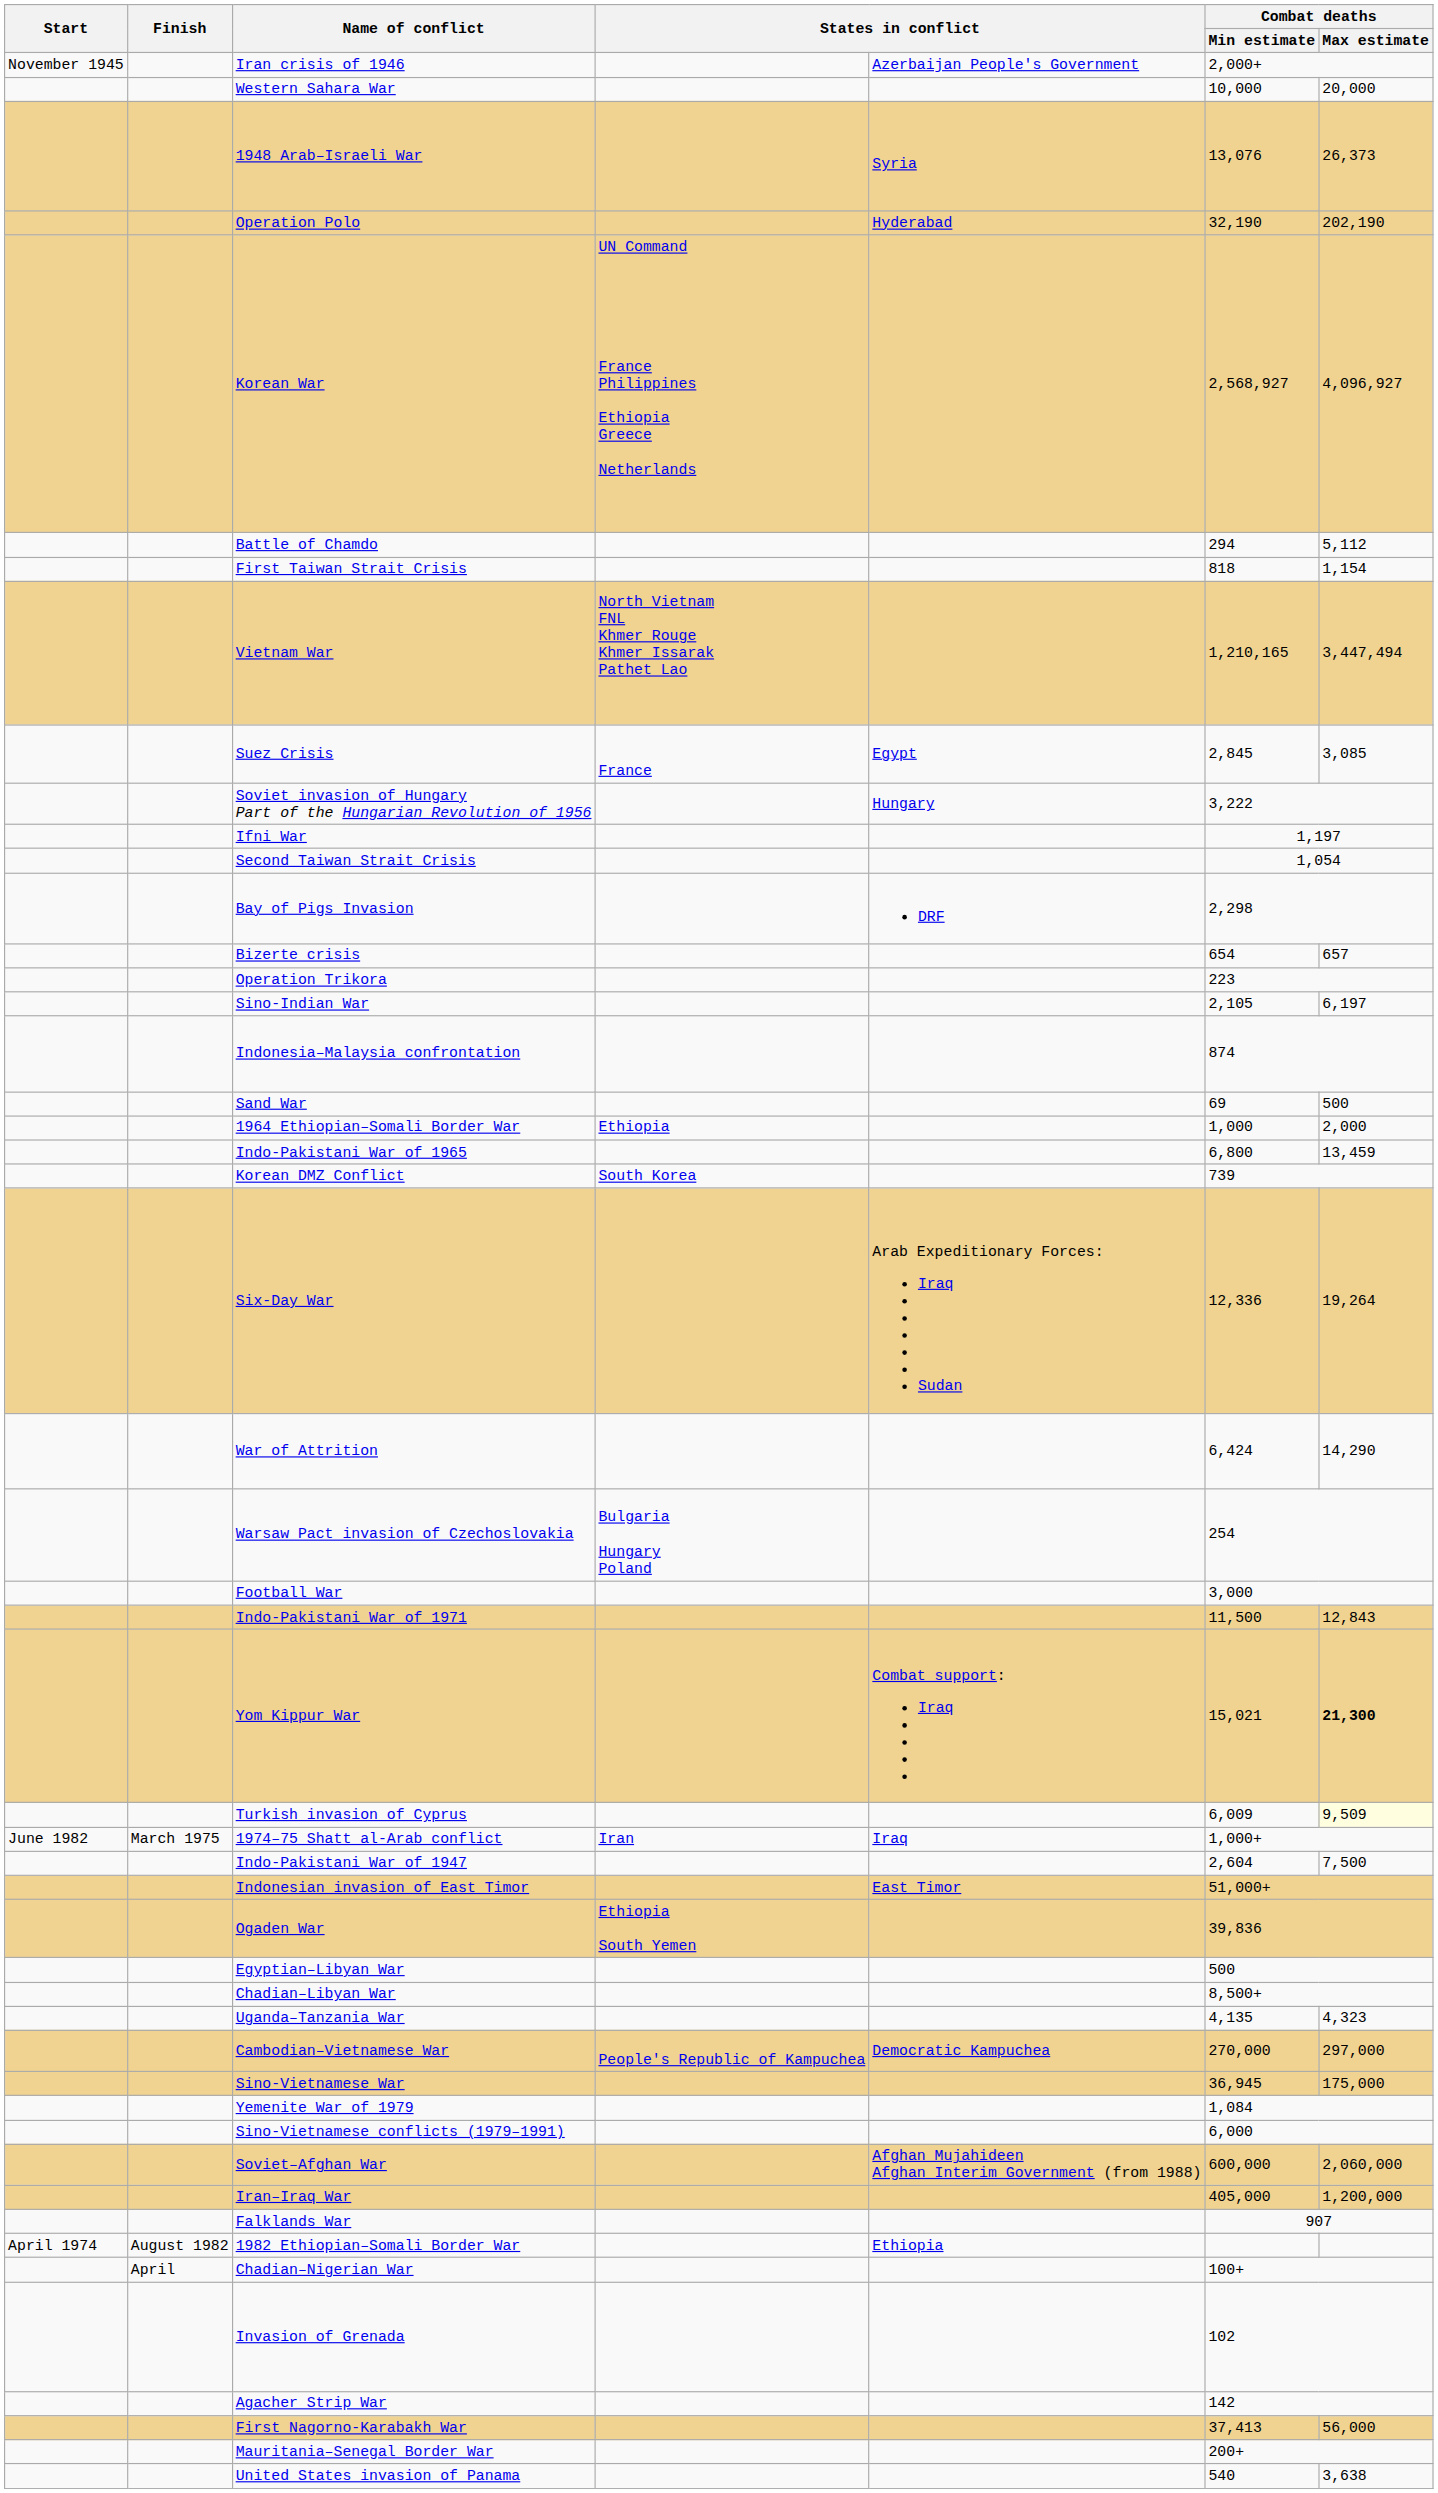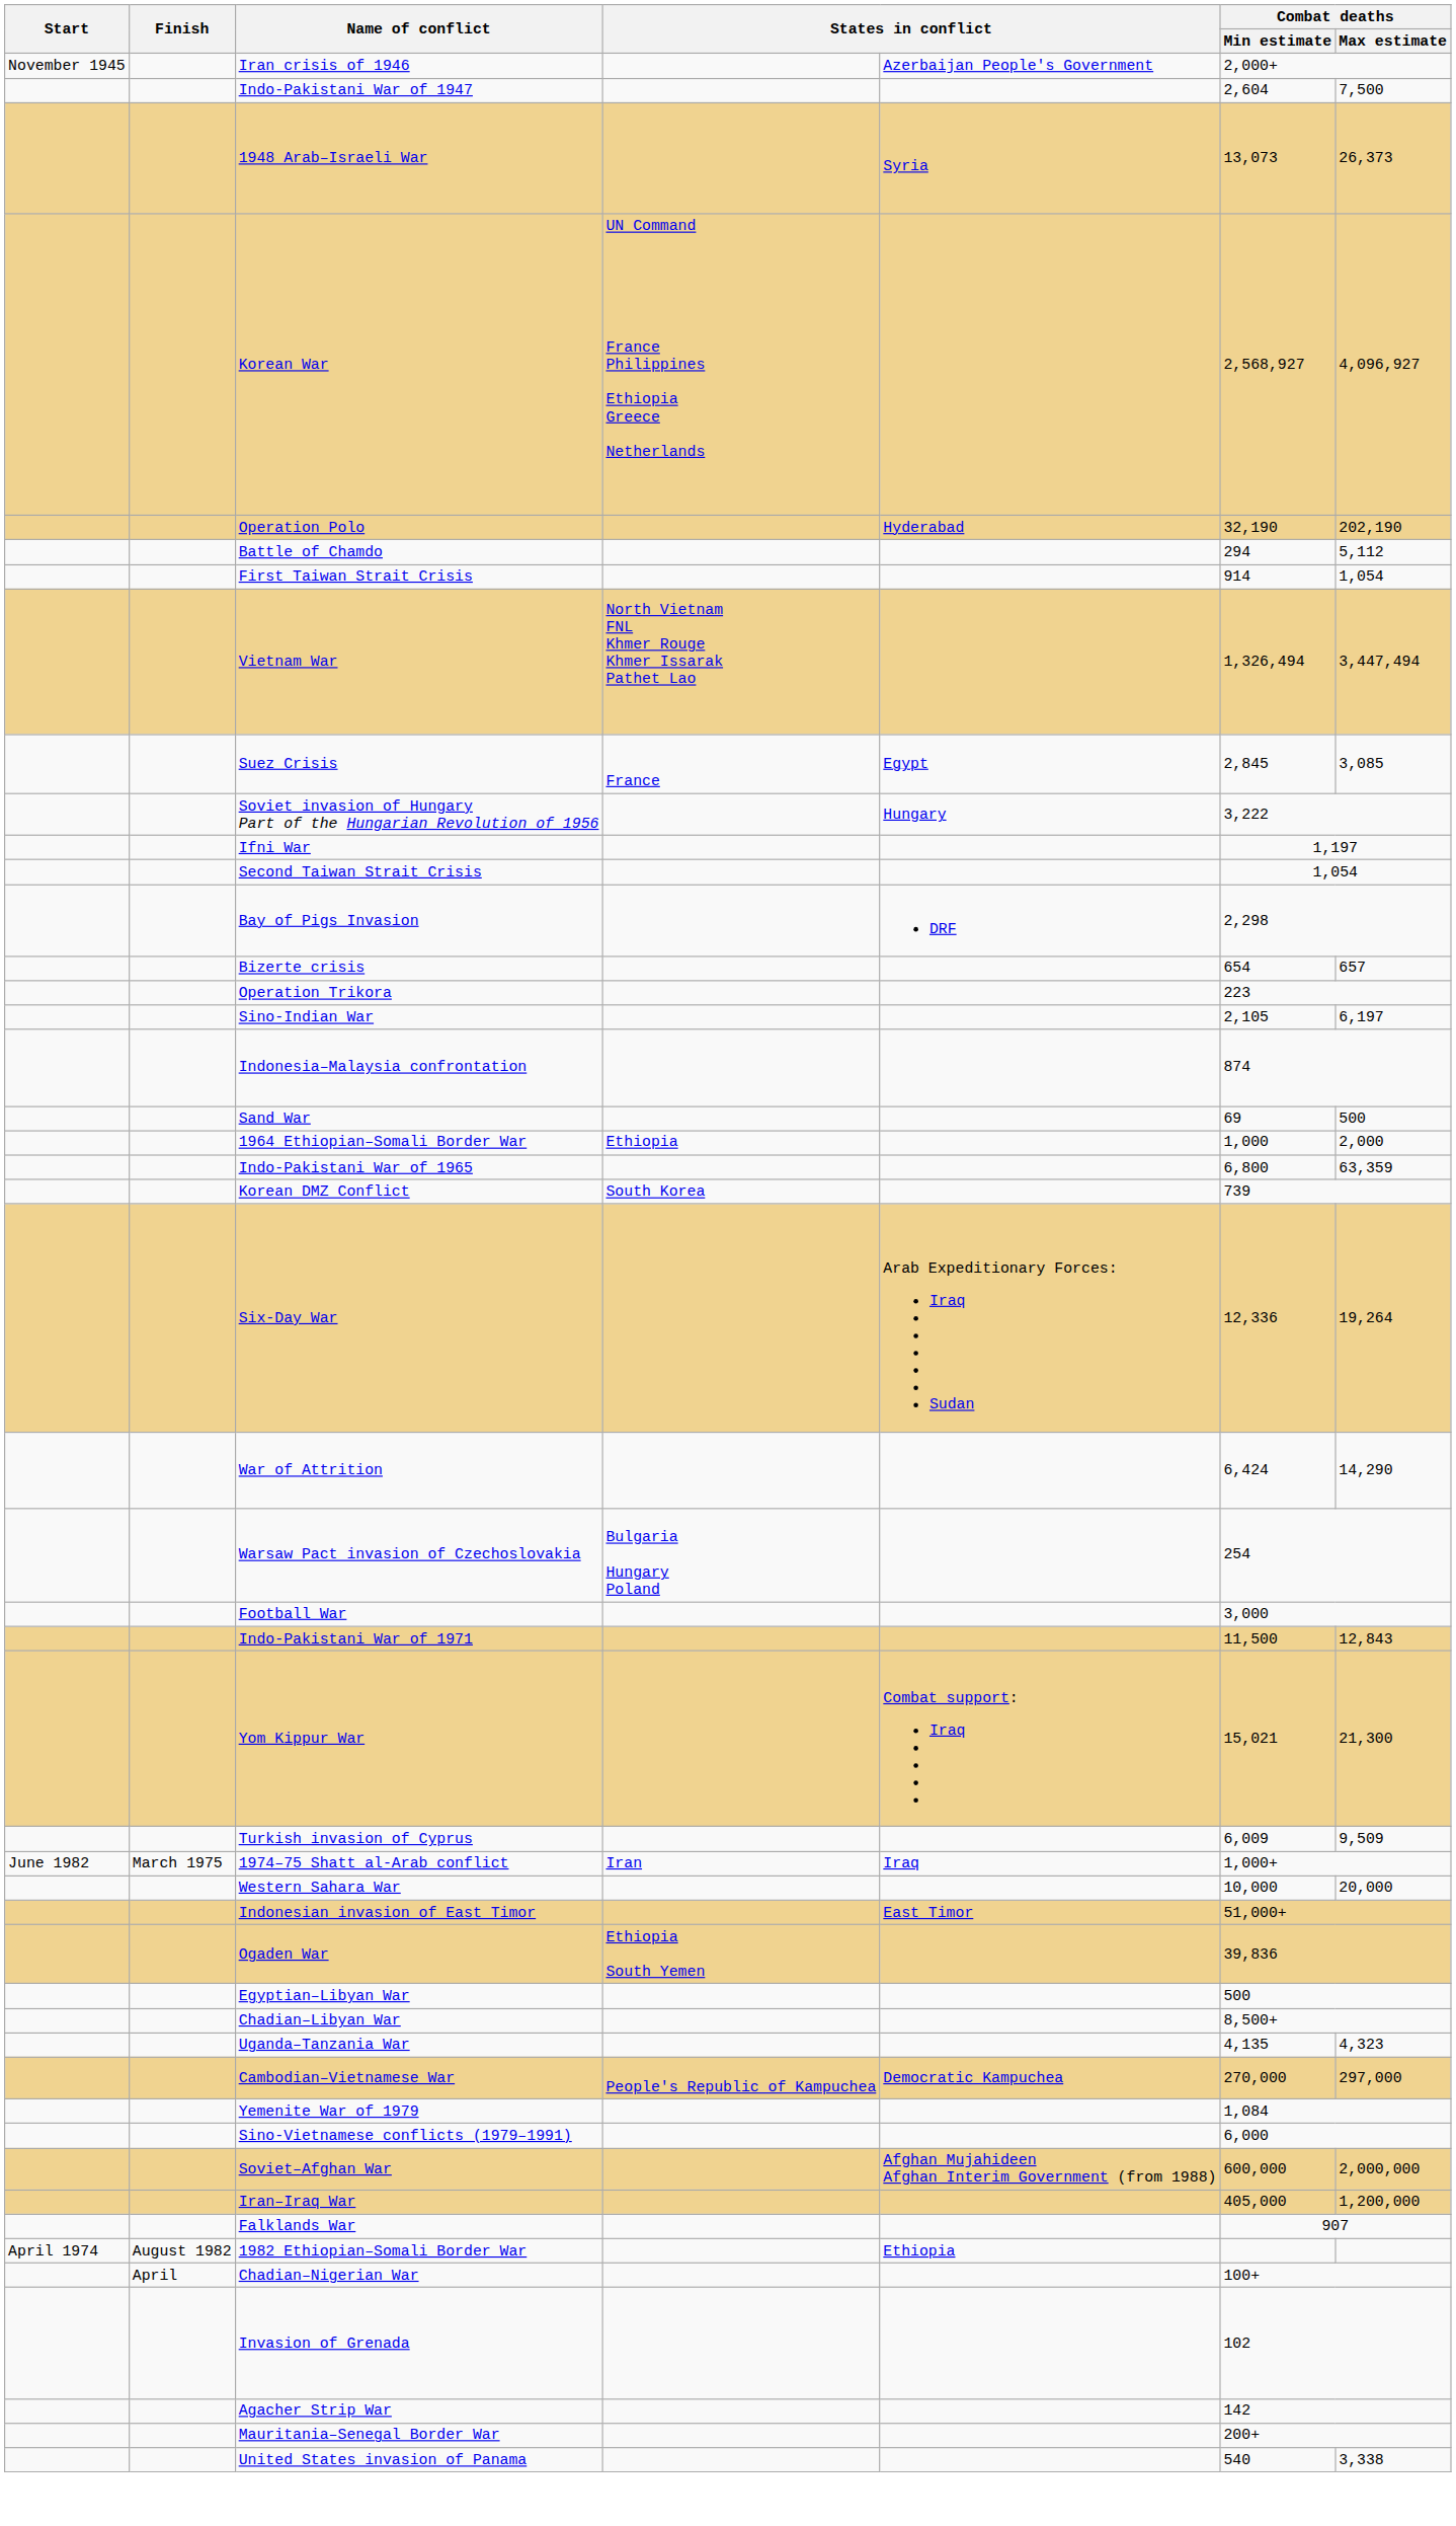 <table class="wikitable sortable">
 <tr>
 <th rowspan="2">Start</th>
 <th rowspan="2">Finish</th>
 <th rowspan="2">Name of conflict</th>
 <th colspan="2" rowspan="2">States in conflict</th>
 <th colspan="2">Combat deaths</th>
 </tr>
 <tr>
 <th>Min estimate</th>
 <th>Max estimate</th>
 </tr>
 <tr>
 <td>November 1945</td>
 <td></td>
 <td><a href='#'>Iran crisis of 1946</a></td>
 <td></td>
 <td><a href='#'>Azerbaijan People's Government</a><br></td>
 <td colspan="2">2,000+</td>
 </tr>
 <tr>
 <td></td>
 <td></td>
-<td><a href='#'>Western Sahara War</a></td>
-<td><br> </td>
-<td><br></td>
-<td>10,000</td>
-<td>20,000</td>
+<td><a href='#'>Indo-Pakistani War of 1947</a></td>
+<td></td>
+<td></td>
+<td>2,604</td>
+<td>7,500</td>
 </tr>
 <tr bgcolor='#f0d390'>
 <td></td>
 <td></td>
 <td><a href='#'>1948 Arab–Israeli War</a></td>
 <td></td>
 <td><br><br><br> <a href='#'>Syria</a> <br><br><br></td>
-<td>13,076</td>
+<td>13,073</td>
 <td>26,373</td>
+</tr>
+<tr bgcolor='#f0d390'>
+<td></td>
+<td></td>
+<td><a href='#'>Korean War</a></td>
+<td> <a href='#'>UN Command</a><br><br> <br> <br> <br> <br> <br>  <a href='#'>France</a><br>  <a href='#'>Philippines</a><br> <br>  <a href='#'>Ethiopia</a><br>  <a href='#'>Greece</a><br> <br>  <a href='#'>Netherlands</a><br> <br> <br> <br> </td>
+<td></td>
+<td>2,568,927</td>
+<td>4,096,927</td>
 </tr>
 <tr bgcolor='#f0d390'>
 <td></td>
 <td></td>
 <td><a href='#'>Operation Polo</a></td>
 <td></td>
 <td> <a href='#'>Hyderabad</a></td>
 <td>32,190</td>
 <td>202,190</td>
-</tr>
-<tr bgcolor='#f0d390'>
-<td></td>
-<td></td>
-<td><a href='#'>Korean War</a></td>
-<td> <a href='#'>UN Command</a><br><br> <br> <br> <br> <br> <br>  <a href='#'>France</a><br>  <a href='#'>Philippines</a><br> <br>  <a href='#'>Ethiopia</a><br>  <a href='#'>Greece</a><br> <br>  <a href='#'>Netherlands</a><br> <br> <br> <br> </td>
-<td></td>
-<td>2,568,927</td>
-<td>4,096,927</td>
 </tr>
 <tr>
 <td></td>
 <td></td>
 <td><a href='#'>Battle of Chamdo</a></td>
 <td></td>
 <td></td>
 <td>294</td>
 <td>5,112</td>
 </tr>
 <tr>
 <td></td>
 <td></td>
 <td><a href='#'>First Taiwan Strait Crisis</a></td>
 <td></td>
 <td></td>
-<td>818</td>
-<td>1,154</td>
+<td>914</td>
+<td>1,054</td>
 </tr>
 <tr bgcolor='#f0d390'>
 <td></td>
 <td></td>
 <td><a href='#'>Vietnam War</a></td>
 <td> <a href='#'>North Vietnam</a><br> <a href='#'>FNL</a><br> <a href='#'>Khmer Rouge</a><br> <a href='#'>Khmer Issarak</a><br> <a href='#'>Pathet Lao</a><br><br><br></td>
 <td><br><br><br><br><br><br><br><br></td>
-<td>1,210,165</td>
+<td>1,326,494</td>
 <td>3,447,494</td>
 </tr>
 <tr>
 <td></td>
 <td></td>
 <td><a href='#'>Suez Crisis</a></td>
 <td><br><br> <a href='#'>France</a></td>
 <td> <a href='#'>Egypt</a></td>
 <td>2,845</td>
 <td>3,085</td>
 </tr>
 <tr>
 <td></td>
 <td></td>
 <td><a href='#'>Soviet invasion of Hungary</a><br><em>Part of the <a href='#'>Hungarian Revolution of 1956</a></em></td>
 <td></td>
 <td> <a href='#'>Hungary</a></td>
 <td colspan="2" align="left">3,222</td>
 </tr>
 <tr>
 <td></td>
 <td></td>
 <td><a href='#'>Ifni War</a></td>
 <td><br></td>
 <td></td>
 <td colspan="2" align="center">1,197</td>
 </tr>
 <tr>
 <td></td>
 <td></td>
 <td><a href='#'>Second Taiwan Strait Crisis</a></td>
 <td></td>
 <td></td>
 <td colspan="2" align="center">1,054</td>
 </tr>
 <tr>
 <td></td>
 <td></td>
 <td><a href='#'>Bay of Pigs Invasion</a></td>
 <td></td>
 <td><br><ul><li> <a href='#'>DRF</a></li></ul></td>
 <td colspan="2">2,298</td>
 </tr>
 <tr>
 <td></td>
 <td></td>
 <td><a href='#'>Bizerte crisis</a></td>
 <td></td>
 <td></td>
 <td>654</td>
 <td>657</td>
 </tr>
 <tr>
 <td></td>
 <td></td>
 <td><a href='#'>Operation Trikora</a></td>
 <td></td>
 <td></td>
 <td colspan="2">223</td>
 </tr>
 <tr>
 <td></td>
 <td></td>
 <td><a href='#'>Sino-Indian War</a></td>
 <td></td>
 <td></td>
 <td>2,105</td>
 <td>6,197</td>
 </tr>
 <tr>
 <td></td>
 <td></td>
 <td><a href='#'>Indonesia–Malaysia confrontation</a></td>
 <td><br><br><br><br></td>
 <td></td>
 <td colspan="2">874</td>
 </tr>
 <tr>
 <td></td>
 <td></td>
 <td><a href='#'>Sand War</a></td>
 <td></td>
 <td></td>
 <td>69</td>
 <td>500</td>
 </tr>
 <tr>
 <td></td>
 <td></td>
 <td><a href='#'>1964 Ethiopian–Somali Border War</a></td>
 <td> <a href='#'>Ethiopia</a></td>
 <td></td>
 <td>1,000</td>
 <td>2,000</td>
 </tr>
 <tr>
 <td></td>
 <td></td>
 <td><a href='#'>Indo-Pakistani War of 1965</a></td>
 <td></td>
 <td></td>
 <td>6,800</td>
-<td>13,459</td>
+<td>63,359</td>
 </tr>
 <tr>
 <td></td>
 <td></td>
 <td><a href='#'>Korean DMZ Conflict</a></td>
 <td> <a href='#'>South Korea</a><br></td>
 <td></td>
 <td colspan="2">739</td>
 </tr>
 <tr bgcolor='#f0d390'>
 <td></td>
 <td></td>
 <td><a href='#'>Six-Day War</a></td>
 <td></td>
 <td><br><br><br>Arab Expeditionary Forces:<br><ul><li> <a href='#'>Iraq</a></li><li><br></li><li></li><li></li><li></li><li></li><li> <a href='#'>Sudan</a></li></ul></td>
 <td>12,336</td>
 <td>19,264</td>
 </tr>
 <tr>
 <td></td>
 <td></td>
 <td><a href='#'>War of Attrition</a></td>
 <td></td>
 <td><br><br><br><br></td>
 <td>6,424</td>
 <td>14,290</td>
 </tr>
 <tr>
 <td></td>
 <td></td>
 <td><a href='#'>Warsaw Pact invasion of Czechoslovakia</a></td>
 <td><br> <a href='#'>Bulgaria</a><br><br> <a href='#'>Hungary</a><br> <a href='#'>Poland</a></td>
 <td></td>
 <td colspan="2">254</td>
 </tr>
 <tr>
 <td></td>
 <td></td>
 <td><a href='#'>Football War</a></td>
 <td></td>
 <td></td>
 <td colspan="2">3,000</td>
 </tr>
 <tr bgcolor='#f0d390'>
 <td></td>
 <td></td>
 <td><a href='#'>Indo-Pakistani War of 1971</a></td>
 <td></td>
 <td></td>
 <td>11,500</td>
 <td>12,843</td>
 </tr>
 <tr bgcolor='#f0d390'>
 <td></td>
 <td></td>
 <td><a href='#'>Yom Kippur War</a></td>
 <td></td>
 <td><br><br><a href='#'>Combat support</a>:<br><ul><li> <a href='#'>Iraq</a></li><li></li><li></li><li></li><li></li></ul></td>
 <td>15,021</td>
-<td><strong>21,300</strong></td>
+<td>21,300</td>
 </tr>
 <tr>
 <td></td>
 <td></td>
 <td><a href='#'>Turkish invasion of Cyprus</a></td>
 <td></td>
 <td><br></td>
 <td>6,009</td>
-<td style="background: lightyellow;">9,509</td>
+<td>9,509</td>
 </tr>
 <tr>
 <td>June 1982</td>
 <td>March 1975</td>
 <td><a href='#'>1974–75 Shatt al-Arab conflict</a></td>
 <td> <a href='#'>Iran</a></td>
 <td> <a href='#'>Iraq</a></td>
 <td colspan="2">1,000+</td>
 </tr>
 <tr>
 <td></td>
 <td></td>
-<td><a href='#'>Indo-Pakistani War of 1947</a></td>
-<td></td>
-<td></td>
-<td>2,604</td>
-<td>7,500</td>
+<td><a href='#'>Western Sahara War</a></td>
+<td><br> </td>
+<td><br></td>
+<td>10,000</td>
+<td>20,000</td>
 </tr>
 <tr bgcolor='#f0d390'>
 <td></td>
 <td></td>
 <td><a href='#'>Indonesian invasion of East Timor</a></td>
 <td></td>
 <td> <a href='#'>East Timor</a></td>
 <td colspan="2" align="yes">51,000+</td>
 </tr>
 <tr bgcolor="#f0d390">
 <td></td>
 <td></td>
 <td><a href='#'>Ogaden War</a></td>
 <td> <a href='#'>Ethiopia</a><br><br> <a href='#'>South Yemen</a><br></td>
 <td></td>
 <td colspan="2">39,836</td>
 </tr>
 <tr>
 <td></td>
 <td></td>
 <td><a href='#'>Egyptian–Libyan War</a></td>
 <td></td>
 <td></td>
 <td colspan="2">500</td>
 </tr>
 <tr>
 <td></td>
 <td></td>
 <td><a href='#'>Chadian–Libyan War</a></td>
 <td><br></td>
 <td></td>
 <td colspan="2">8,500+</td>
 </tr>
 <tr>
 <td></td>
 <td></td>
 <td><a href='#'>Uganda–Tanzania War</a></td>
 <td><br></td>
 <td><br></td>
 <td>4,135</td>
 <td>4,323</td>
 </tr>
 <tr bgcolor='#f0d390'>
 <td></td>
 <td></td>
 <td><a href='#'>Cambodian–Vietnamese War</a></td>
 <td><br> <a href='#'>People's Republic of Kampuchea</a></td>
 <td> <a href='#'>Democratic Kampuchea</a><br></td>
 <td>270,000</td>
 <td>297,000</td>
 </tr>
-<tr bgcolor='#f0d390'>
-<td></td>
-<td></td>
-<td><a href='#'>Sino-Vietnamese War</a></td>
-<td></td>
-<td></td>
-<td>36,945</td>
-<td>175,000</td>
-</tr>
 <tr>
 <td></td>
 <td></td>
 <td><a href='#'>Yemenite War of 1979</a></td>
 <td></td>
 <td></td>
 <td colspan="2">1,084</td>
 </tr>
 <tr>
 <td></td>
 <td></td>
 <td><a href='#'>Sino-Vietnamese conflicts (1979–1991)</a></td>
 <td></td>
 <td></td>
 <td colspan="2">6,000</td>
 </tr>
 <tr bgcolor='#f0d390'>
 <td></td>
 <td></td>
 <td><a href='#'>Soviet–Afghan War</a></td>
 <td><br></td>
 <td> <a href='#'>Afghan Mujahideen</a><br>   <a href='#'>Afghan Interim Government</a> (from 1988)</td>
 <td>600,000</td>
-<td>2,060,000</td>
+<td>2,000,000</td>
 </tr>
 <tr bgcolor='#f0d390'>
 <td></td>
 <td></td>
 <td><a href='#'>Iran–Iraq War</a></td>
 <td></td>
 <td><br></td>
 <td>405,000</td>
 <td>1,200,000</td>
 </tr>
 <tr>
 <td></td>
 <td></td>
 <td><a href='#'>Falklands War</a></td>
 <td></td>
 <td></td>
 <td colspan="2" align="center">907</td>
 </tr>
 <tr>
 <td>April 1974</td>
 <td>August 1982</td>
 <td><a href='#'>1982 Ethiopian–Somali Border War</a></td>
 <td></td>
 <td> <a href='#'>Ethiopia</a></td>
 <td></td>
 <td></td>
 </tr>
 <tr>
 <td></td>
 <td>April </td>
 <td><a href='#'>Chadian–Nigerian War</a></td>
 <td></td>
 <td></td>
 <td colspan="2">100+</td>
 </tr>
 <tr>
 <td></td>
 <td></td>
 <td><a href='#'>Invasion of Grenada</a></td>
 <td><br><br><br><br><br><br></td>
 <td><br></td>
 <td colspan="2">102</td>
 </tr>
 <tr>
 <td></td>
 <td></td>
 <td><a href='#'>Agacher Strip War</a></td>
 <td></td>
 <td></td>
 <td colspan="2">142</td>
 </tr>
-<tr bgcolor='#f0d390'>
-<td></td>
-<td></td>
-<td><a href='#'>First Nagorno-Karabakh War</a></td>
-<td><br></td>
-<td></td>
-<td>37,413</td>
-<td>56,000</td>
-</tr>
 <tr>
 <td></td>
 <td></td>
 <td><a href='#'>Mauritania–Senegal Border War</a></td>
 <td></td>
 <td></td>
 <td colspan="2">200+</td>
 </tr>
 <tr>
 <td></td>
 <td></td>
 <td><a href='#'>United States invasion of Panama</a></td>
 <td></td>
 <td></td>
 <td>540</td>
-<td>3,638</td>
+<td>3,338</td>
 </tr>
 </table>
